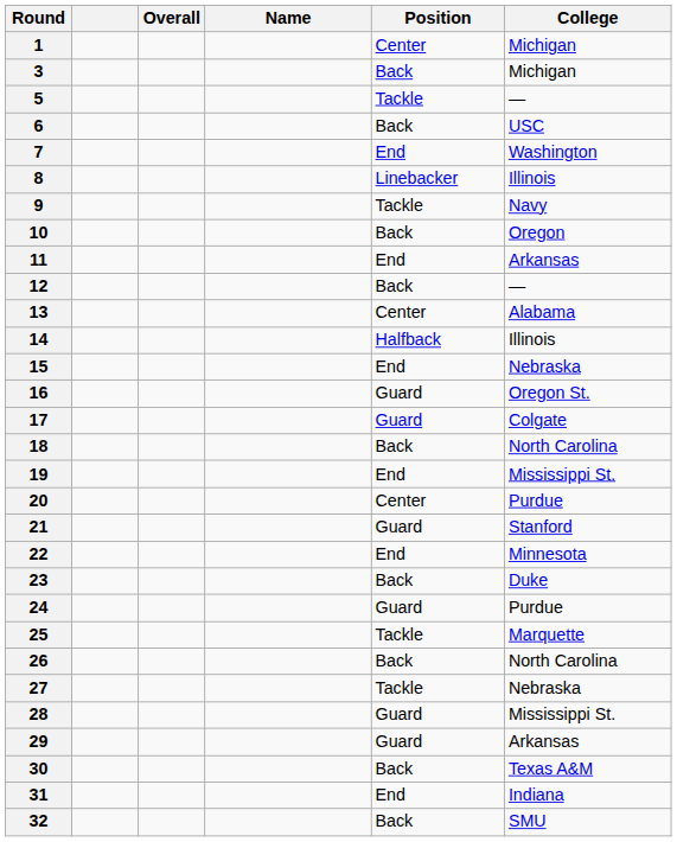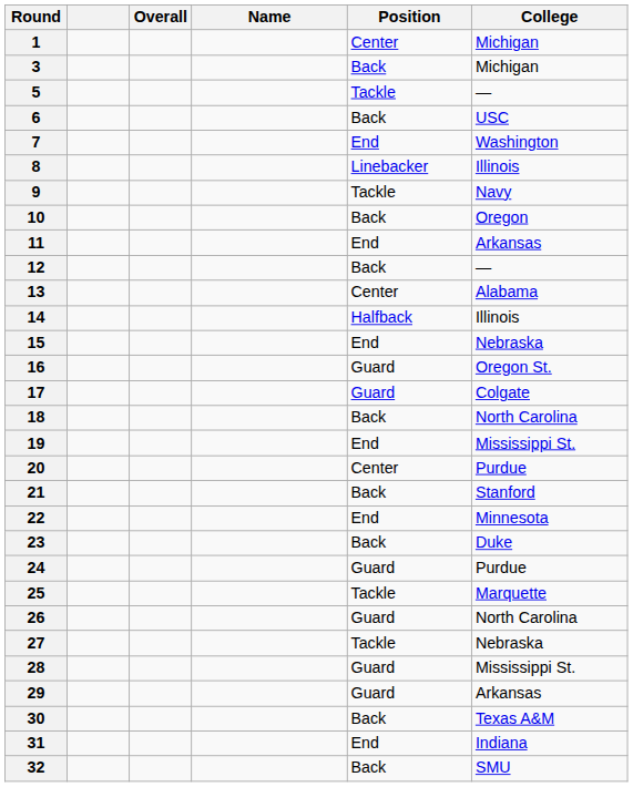 <table class="wikitable sortable" style="width: 50%;">
 <tr>
 <th scope="col" style="width: 10%;">Round</th>
 <th scope="col" style="width: 10%;"></th>
 <th scope="col" style="width: 10%;">Overall</th>
 <th scope="col" style="width: 25%;">Name</th>
 <th scope="col" style="width: 20%;">Position</th>
 <th scope="col" style="width: 25%;">College</th>
 </tr>
 <tr>
 <th scope="row">1</th>
 <td></td>
 <td></td>
 <td></td>
 <td><a href='#'>Center</a></td>
 <td><a href='#'>Michigan</a></td>
 </tr>
 <tr>
 <th scope="row">3</th>
 <td></td>
 <td></td>
 <td></td>
 <td><a href='#'>Back</a></td>
 <td>Michigan</td>
 </tr>
 <tr>
 <th scope="row">5</th>
 <td></td>
 <td></td>
 <td></td>
 <td><a href='#'>Tackle</a></td>
 <td>—</td>
 </tr>
 <tr>
 <th scope="row">6</th>
 <td></td>
 <td></td>
 <td></td>
 <td>Back</td>
 <td><a href='#'>USC</a></td>
 </tr>
 <tr>
 <th scope="row">7</th>
 <td></td>
 <td></td>
 <td></td>
 <td><a href='#'>End</a></td>
 <td><a href='#'>Washington</a></td>
 </tr>
 <tr>
 <th scope="row">8</th>
 <td></td>
 <td></td>
 <td></td>
 <td><a href='#'>Linebacker</a></td>
 <td><a href='#'>Illinois</a></td>
 </tr>
 <tr>
 <th scope="row">9</th>
 <td></td>
 <td></td>
 <td></td>
 <td>Tackle</td>
 <td><a href='#'>Navy</a></td>
 </tr>
 <tr>
 <th scope="row">10</th>
 <td></td>
 <td></td>
 <td></td>
 <td>Back</td>
 <td><a href='#'>Oregon</a></td>
 </tr>
 <tr>
 <th scope="row">11</th>
 <td></td>
 <td></td>
 <td></td>
 <td>End</td>
 <td><a href='#'>Arkansas</a></td>
 </tr>
 <tr>
 <th scope="row">12</th>
 <td></td>
 <td></td>
 <td></td>
 <td>Back</td>
 <td>—</td>
 </tr>
 <tr>
 <th scope="row">13</th>
 <td></td>
 <td></td>
 <td></td>
 <td>Center</td>
 <td><a href='#'>Alabama</a></td>
 </tr>
 <tr>
 <th scope="row">14</th>
 <td></td>
 <td></td>
 <td></td>
 <td><a href='#'>Halfback</a></td>
 <td>Illinois</td>
 </tr>
 <tr>
 <th scope="row">15</th>
 <td></td>
 <td></td>
 <td></td>
 <td>End</td>
 <td><a href='#'>Nebraska</a></td>
 </tr>
 <tr>
 <th scope="row">16</th>
 <td></td>
 <td></td>
 <td></td>
 <td>Guard</td>
 <td><a href='#'>Oregon St.</a></td>
 </tr>
 <tr>
 <th scope="row">17</th>
 <td></td>
 <td></td>
 <td></td>
 <td><a href='#'>Guard</a></td>
 <td><a href='#'>Colgate</a></td>
 </tr>
 <tr>
 <th scope="row">18</th>
 <td></td>
 <td></td>
 <td></td>
 <td>Back</td>
 <td><a href='#'>North Carolina</a></td>
 </tr>
 <tr>
 <th scope="row">19</th>
 <td></td>
 <td></td>
 <td></td>
 <td>End</td>
 <td><a href='#'>Mississippi St.</a></td>
 </tr>
 <tr>
 <th scope="row">20</th>
 <td></td>
 <td></td>
 <td></td>
 <td>Center</td>
 <td><a href='#'>Purdue</a></td>
 </tr>
 <tr>
 <th scope="row">21</th>
 <td></td>
 <td></td>
 <td></td>
-<td>Guard</td>
+<td>Back</td>
 <td><a href='#'>Stanford</a></td>
 </tr>
 <tr>
 <th scope="row">22</th>
 <td></td>
 <td></td>
 <td></td>
 <td>End</td>
 <td><a href='#'>Minnesota</a></td>
 </tr>
 <tr>
 <th scope="row">23</th>
 <td></td>
 <td></td>
 <td></td>
 <td>Back</td>
 <td><a href='#'>Duke</a></td>
 </tr>
 <tr>
 <th scope="row">24</th>
 <td></td>
 <td></td>
 <td></td>
 <td>Guard</td>
 <td>Purdue</td>
 </tr>
 <tr>
 <th scope="row">25</th>
 <td></td>
 <td></td>
 <td></td>
 <td>Tackle</td>
 <td><a href='#'>Marquette</a></td>
 </tr>
 <tr>
 <th scope="row">26</th>
 <td></td>
 <td></td>
 <td></td>
-<td>Back</td>
+<td>Guard</td>
 <td>North Carolina</td>
 </tr>
 <tr>
 <th scope="row">27</th>
 <td></td>
 <td></td>
 <td></td>
 <td>Tackle</td>
 <td>Nebraska</td>
 </tr>
 <tr>
 <th scope="row">28</th>
 <td></td>
 <td></td>
 <td></td>
 <td>Guard</td>
 <td>Mississippi St.</td>
 </tr>
 <tr>
 <th scope="row">29</th>
 <td></td>
 <td></td>
 <td></td>
 <td>Guard</td>
 <td>Arkansas</td>
 </tr>
 <tr>
 <th scope="row">30</th>
 <td></td>
 <td></td>
 <td></td>
 <td>Back</td>
 <td><a href='#'>Texas A&M</a></td>
 </tr>
 <tr>
 <th scope="row">31</th>
 <td></td>
 <td></td>
 <td></td>
 <td>End</td>
 <td><a href='#'>Indiana</a></td>
 </tr>
 <tr>
 <th scope="row">32</th>
 <td></td>
 <td></td>
 <td></td>
 <td>Back</td>
 <td><a href='#'>SMU</a></td>
 </tr>
 </table>
